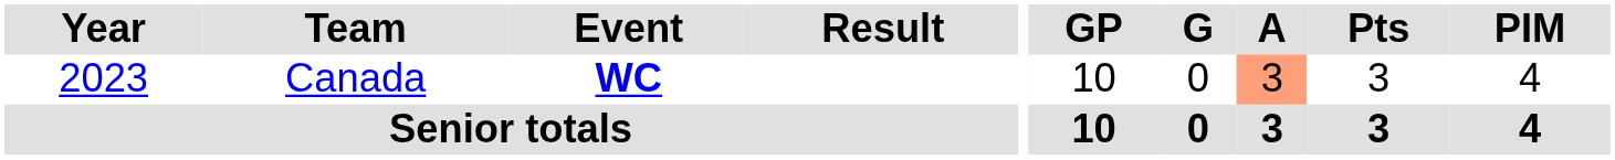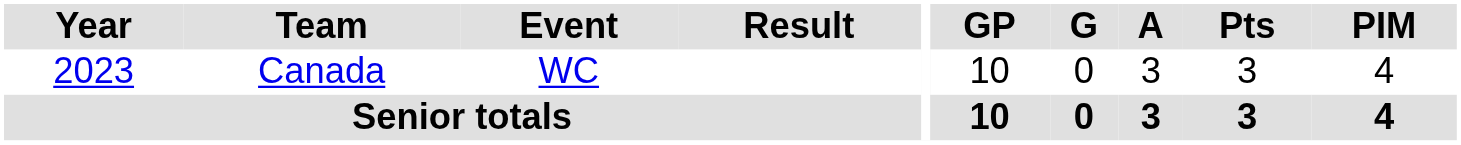 <table border="0" cellpadding="1" cellspacing="0" ID="Table3" style="text-align:center; width:40em">
 <tr bgcolor="#e0e0e0">
 <th>Year</th>
 <th>Team</th>
 <th>Event</th>
 <th>Result</th>
 <th rowspan="99" bgcolor="#ffffff"></th>
 <th>GP</th>
 <th>G</th>
 <th>A</th>
 <th>Pts</th>
 <th>PIM</th>
 </tr>
 <tr>
 <td><a href='#'>2023</a></td>
 <td><a href='#'>Canada</a></td>
-<td><strong><a href='#'>WC</a></strong></td>
+<td><a href='#'>WC</a></td>
 <td></td>
 <td>10</td>
 <td>0</td>
-<td style="background: lightsalmon;">3</td>
+<td>3</td>
 <td>3</td>
 <td>4</td>
 </tr>
 <tr bgcolor="#e0e0e0">
 <th colspan="4">Senior totals</th>
 <th>10</th>
 <th>0</th>
 <th>3</th>
 <th>3</th>
 <th>4</th>
 </tr>
 </table>
